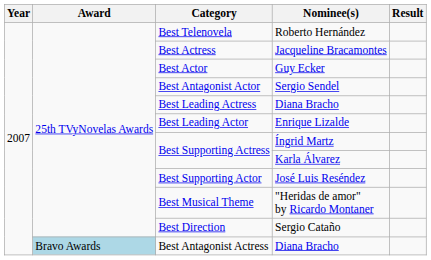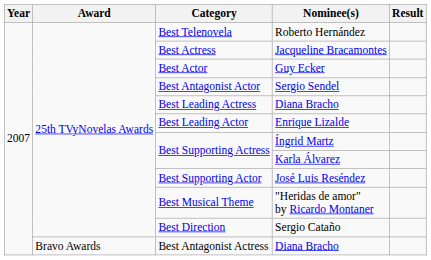 <table class="wikitable plainrowheaders" style="text-align;">
 <tr>
 <th scope="col">Year</th>
 <th scope="col">Award</th>
 <th scope="col">Category</th>
 <th scope="col">Nominee(s)</th>
 <th scope="col">Result</th>
 </tr>
 <tr>
 <td rowspan=12>2007</td>
 <td rowspan=11><a href='#'>25th TVyNovelas Awards</a></td>
 <td><a href='#'>Best Telenovela</a></td>
 <td>Roberto Hernández</td>
 <td></td>
 </tr>
 <tr>
 <td><a href='#'>Best Actress</a></td>
 <td><a href='#'>Jacqueline Bracamontes</a></td>
 <td></td>
 </tr>
 <tr>
 <td><a href='#'>Best Actor</a></td>
 <td><a href='#'>Guy Ecker</a></td>
 <td></td>
 </tr>
 <tr>
 <td><a href='#'>Best Antagonist Actor</a></td>
 <td><a href='#'>Sergio Sendel</a></td>
 <td></td>
 </tr>
 <tr>
 <td><a href='#'>Best Leading Actress</a></td>
 <td><a href='#'>Diana Bracho</a></td>
 <td></td>
 </tr>
 <tr>
 <td><a href='#'>Best Leading Actor</a></td>
 <td><a href='#'>Enrique Lizalde</a></td>
 <td></td>
 </tr>
 <tr>
 <td rowspan=2><a href='#'>Best Supporting Actress</a></td>
 <td><a href='#'>Íngrid Martz</a></td>
 <td></td>
 </tr>
 <tr>
 <td><a href='#'>Karla Álvarez</a></td>
 <td></td>
 </tr>
 <tr>
 <td><a href='#'>Best Supporting Actor</a></td>
 <td><a href='#'>José Luis Reséndez</a></td>
 <td></td>
 </tr>
 <tr>
 <td><a href='#'>Best Musical Theme</a></td>
 <td>"Heridas de amor" <br> by <a href='#'>Ricardo Montaner</a></td>
 <td></td>
 </tr>
 <tr>
 <td><a href='#'>Best Direction</a></td>
 <td>Sergio Cataño</td>
 <td></td>
 </tr>
 <tr>
-<td style="background: lightblue;">Bravo Awards</td>
+<td>Bravo Awards</td>
 <td>Best Antagonist Actress</td>
 <td><a href='#'>Diana Bracho</a></td>
 <td></td>
 </tr>
 </table>
